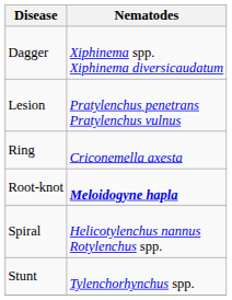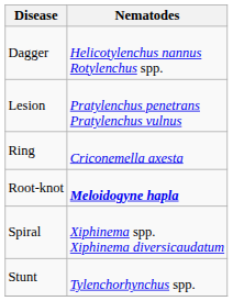 <table class="wikitable" style="margin: 1em auto 1em auto; clear">
 <tr>
 <th>Disease</th>
 <th>Nematodes</th>
 </tr>
 <tr>
 <td>Dagger</td>
-<td><br><em><a href='#'>Xiphinema</a></em> spp. <br> <em><a href='#'>Xiphinema diversicaudatum</a></em></td>
+<td><br><em><a href='#'>Helicotylenchus nannus</a></em><br> <em><a href='#'>Rotylenchus</a></em> spp.</td>
 </tr>
 <tr>
 <td>Lesion</td>
 <td><br><em><a href='#'>Pratylenchus penetrans</a></em><br> <em><a href='#'>Pratylenchus vulnus</a></em></td>
 </tr>
 <tr>
 <td>Ring</td>
 <td><br><em><a href='#'>Criconemella axesta</a></em></td>
 </tr>
 <tr>
 <td>Root-knot</td>
 <td><strong><br><em><a href='#'>Meloidogyne hapla</a></em></strong></td>
 </tr>
 <tr>
 <td>Spiral</td>
-<td><br><em><a href='#'>Helicotylenchus nannus</a></em><br> <em><a href='#'>Rotylenchus</a></em> spp.</td>
+<td><br><em><a href='#'>Xiphinema</a></em> spp. <br> <em><a href='#'>Xiphinema diversicaudatum</a></em></td>
 </tr>
 <tr>
 <td>Stunt</td>
 <td><br><em><a href='#'>Tylenchorhynchus</a></em> spp.</td>
 </tr>
 <tr>
 </tr>
 </table>
